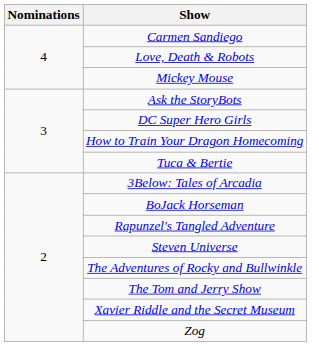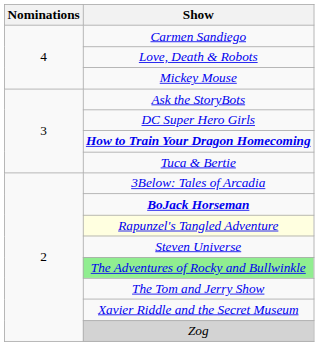 <table class="wikitable" style="text-align: center">
 <tr>
 <th>Nominations</th>
 <th>Show</th>
 </tr>
 <tr>
 <td rowspan="3">4</td>
 <td><em><a href='#'>Carmen Sandiego</a></em></td>
 </tr>
 <tr>
 <td><em><a href='#'>Love, Death & Robots</a></em></td>
 </tr>
 <tr>
 <td><em><a href='#'>Mickey Mouse</a></em></td>
 </tr>
 <tr>
 <td rowspan="4">3</td>
 <td><em><a href='#'>Ask the StoryBots</a></em></td>
 </tr>
 <tr>
 <td><em><a href='#'>DC Super Hero Girls</a></em></td>
 </tr>
 <tr>
-<td><em><a href='#'>How to Train Your Dragon Homecoming</a></em></td>
+<td><strong><em><a href='#'>How to Train Your Dragon Homecoming</a></em></strong></td>
 </tr>
 <tr>
 <td><em><a href='#'>Tuca & Bertie</a></em></td>
 </tr>
 <tr>
 <td rowspan="8">2</td>
 <td><em><a href='#'>3Below: Tales of Arcadia</a></em></td>
 </tr>
 <tr>
-<td><em><a href='#'>BoJack Horseman</a></em></td>
+<td><strong><em><a href='#'>BoJack Horseman</a></em></strong></td>
 </tr>
 <tr>
-<td><em><a href='#'>Rapunzel's Tangled Adventure</a></em></td>
+<td style="background: lightyellow;"><em><a href='#'>Rapunzel's Tangled Adventure</a></em></td>
 </tr>
 <tr>
 <td><em><a href='#'>Steven Universe</a></em></td>
 </tr>
 <tr>
-<td><em><a href='#'>The Adventures of Rocky and Bullwinkle</a></em></td>
+<td style="background: lightgreen;"><em><a href='#'>The Adventures of Rocky and Bullwinkle</a></em></td>
 </tr>
 <tr>
 <td><em><a href='#'>The Tom and Jerry Show</a></em></td>
 </tr>
 <tr>
 <td><em><a href='#'>Xavier Riddle and the Secret Museum</a></em></td>
 </tr>
 <tr>
-<td><em>Zog</em></td>
+<td style="background: lightgrey;"><em>Zog</em></td>
 </tr>
 </table>
